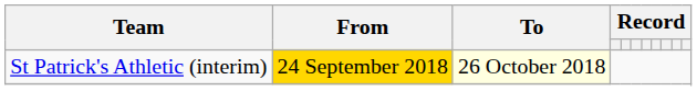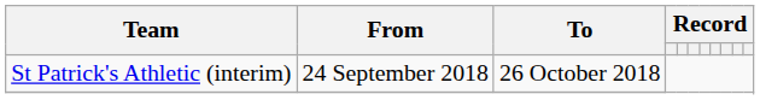 <table class="wikitable" style="text-align: center">
 <tr>
 <th rowspan="2">Team</th>
 <th rowspan="2">From</th>
 <th rowspan="2">To</th>
 <th colspan="8">Record</th>
 </tr>
 <tr>
 <th></th>
 <th></th>
 <th></th>
 <th></th>
 <th></th>
 <th></th>
 <th></th>
 <th></th>
 </tr>
 <tr>
 <td><a href='#'>St Patrick's Athletic</a> (interim)</td>
-<td style="background: gold;">24 September 2018</td>
-<td style="background: lightyellow;">26 October 2018<br></td>
+<td>24 September 2018</td>
+<td>26 October 2018<br></td>
 </tr>
 <tr>
 </tr>
 </table>
